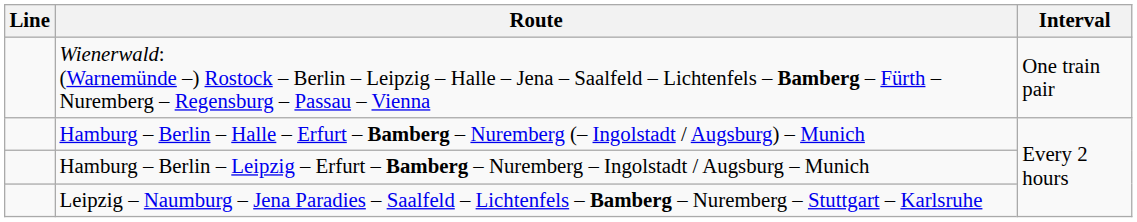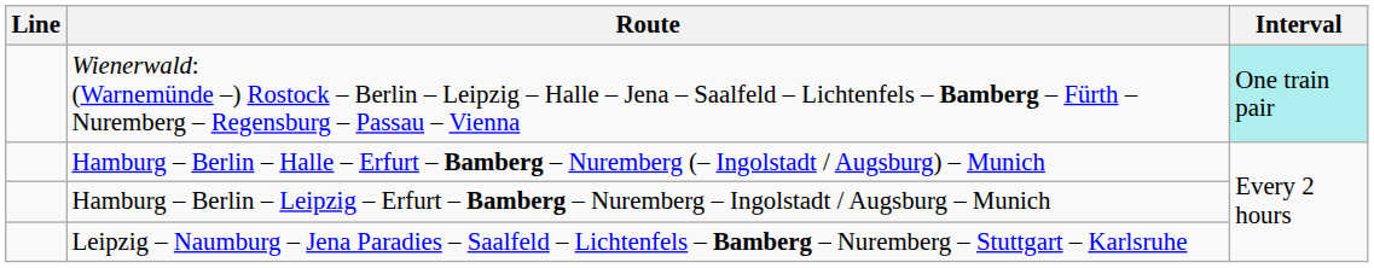 <table class="wikitable">
 <tr>
 <th>Line</th>
 <th>Route</th>
 <th>Interval</th>
 </tr>
 <tr>
 <td align="center"></td>
 <td><em>Wienerwald</em>:<br>(<a href='#'>Warnemünde</a> –) <a href='#'>Rostock</a> – Berlin – Leipzig – Halle – Jena – Saalfeld – Lichtenfels – <strong>Bamberg</strong> – <a href='#'>Fürth</a> – Nuremberg – <a href='#'>Regensburg</a> – <a href='#'>Passau</a> – <a href='#'>Vienna</a></td>
-<td>One train pair</td>
+<td style="background: paleturquoise;">One train pair</td>
 </tr>
 <tr>
 <td></td>
 <td><a href='#'>Hamburg</a> – <a href='#'>Berlin</a> – <a href='#'>Halle</a> – <a href='#'>Erfurt</a> – <strong>Bamberg</strong> – <a href='#'>Nuremberg</a> (– <a href='#'>Ingolstadt</a> / <a href='#'>Augsburg</a>) – <a href='#'>Munich</a></td>
 <td rowspan="3">Every 2 hours</td>
 </tr>
 <tr>
 <td></td>
 <td>Hamburg – Berlin  – <a href='#'>Leipzig</a> – Erfurt – <strong>Bamberg</strong> – Nuremberg – Ingolstadt /  Augsburg – Munich</td>
 </tr>
 <tr>
 <td align="center"></td>
 <td>Leipzig – <a href='#'>Naumburg</a> – <a href='#'>Jena Paradies</a> – <a href='#'>Saalfeld</a> – <a href='#'>Lichtenfels</a> – <strong>Bamberg</strong> – Nuremberg  – <a href='#'>Stuttgart</a> – <a href='#'>Karlsruhe</a></td>
 </tr>
 </table>
